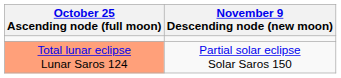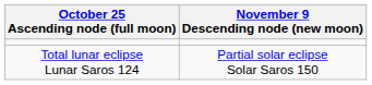 <table class="wikitable">
 <tr>
 <th><a href='#'>October 25</a><br>Ascending node (full moon)<br></th>
 <th><a href='#'>November 9</a><br>Descending node (new moon)<br></th>
 </tr>
 <tr>
 <td></td>
 <td></td>
 </tr>
 <tr align=center>
-<td style="background: lightsalmon;"><a href='#'>Total lunar eclipse</a><br>Lunar Saros 124</td>
+<td><a href='#'>Total lunar eclipse</a><br>Lunar Saros 124</td>
 <td><a href='#'>Partial solar eclipse</a><br>Solar Saros 150</td>
 </tr>
 </table>
